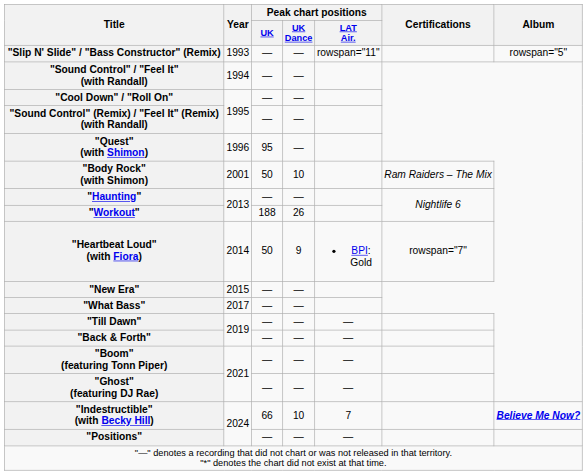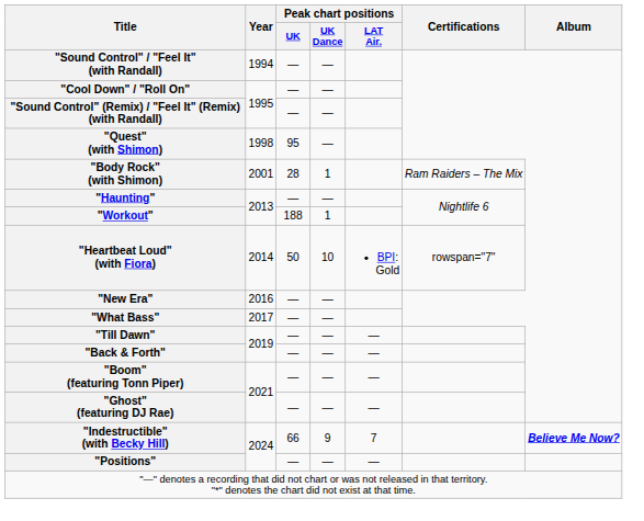 <table class="wikitable plainrowheaders" style="text-align:center;">
 <tr>
 <th scope="col" rowspan="2" style="width:21em;">Title</th>
 <th scope="col" rowspan="2">Year</th>
 <th scope="col" colspan="3">Peak chart positions</th>
 <th scope="col" rowspan="2">Certifications</th>
 <th scope="col" rowspan="2">Album</th>
 </tr>
 <tr>
 <th scope="col" style="width:2.9em;font-size:90%;"><a href='#'>UK</a><br></th>
 <th scope="col" style="width:2.9em;font-size:90%;"><a href='#'>UK<br>Dance</a><br></th>
 <th scope="col" style="width:2.9em;font-size:90%;"><a href='#'>LAT<br>Air.</a><br></th>
-</tr>
-<tr>
-<th scope="row">"Slip N' Slide" / "Bass Constructor" (Remix)</th>
-<td>1993</td>
-<td>—</td>
-<td>—</td>
-<td>rowspan="11" </td>
-<td></td>
-<td>rowspan="5" </td>
 </tr>
 <tr>
 <th scope="row">"Sound Control" / "Feel It"<br><span>(with Randall)</span></th>
 <td>1994</td>
 <td>—</td>
 <td>—</td>
 <td></td>
 </tr>
 <tr>
 <th scope="row">"Cool Down" / "Roll On"</th>
 <td rowspan="2">1995</td>
 <td>—</td>
 <td>—</td>
 <td></td>
 </tr>
 <tr>
 <th scope="row">"Sound Control" (Remix) / "Feel It" (Remix)<br><span>(with Randall)</span></th>
 <td>—</td>
 <td>—</td>
 <td></td>
 </tr>
 <tr>
 <th scope="row">"Quest"<br><span>(with <a href='#'>Shimon</a>)</span></th>
-<td>1996</td>
+<td>1998</td>
 <td>95</td>
 <td>—</td>
 <td></td>
 </tr>
 <tr>
 <th scope="row">"Body Rock"<br><span>(with Shimon)</span></th>
 <td>2001</td>
-<td>50</td>
-<td>10</td>
+<td>28</td>
+<td>1</td>
 <td></td>
 <td><em>Ram Raiders – The Mix</em></td>
 </tr>
 <tr>
 <th scope="row">"<a href='#'>Haunting</a>"</th>
 <td rowspan="2">2013</td>
 <td>—</td>
 <td>—</td>
 <td></td>
 <td rowspan="2"><em>Nightlife 6</em></td>
 </tr>
 <tr>
 <th scope="row">"<a href='#'>Workout</a>"</th>
 <td>188</td>
-<td>26</td>
+<td>1</td>
 <td></td>
 </tr>
 <tr>
 <th scope="row">"Heartbeat Loud"<br><span>(with <a href='#'>Fiora</a>)</span></th>
 <td>2014</td>
 <td>50</td>
-<td>9</td>
+<td>10</td>
 <td><br><ul><li><a href='#'>BPI</a>: Gold</li></ul></td>
 <td>rowspan="7" </td>
 </tr>
 <tr>
 <th scope="row">"New Era"</th>
-<td>2015</td>
+<td>2016</td>
 <td>—</td>
 <td>—</td>
 <td></td>
 </tr>
 <tr>
 <th scope="row">"What Bass"</th>
 <td>2017</td>
 <td>—</td>
 <td>—</td>
 <td></td>
 </tr>
 <tr>
 <th scope="row">"Till Dawn"</th>
 <td rowspan="2">2019</td>
 <td>—</td>
 <td>—</td>
 <td>—</td>
 <td></td>
 </tr>
 <tr>
 <th scope="row">"Back & Forth"</th>
 <td>—</td>
 <td>—</td>
 <td>—</td>
 <td></td>
 </tr>
 <tr>
 <th scope="row">"Boom"<br><span>(featuring Tonn Piper)</span></th>
 <td rowspan="2">2021</td>
 <td>—</td>
 <td>—</td>
 <td>—</td>
 <td></td>
 </tr>
 <tr>
 <th scope="row">"Ghost"<br><span>(featuring DJ Rae)</span></th>
 <td>—</td>
 <td>—</td>
 <td>—</td>
 <td></td>
 </tr>
 <tr>
 <th scope="row">"Indestructible"<br><span>(with <a href='#'>Becky Hill</a>)</span></th>
 <td rowspan="2">2024</td>
 <td>66</td>
-<td>10</td>
+<td>9</td>
 <td>7</td>
 <td></td>
 <td><strong><em><a href='#'>Believe Me Now?</a></em></strong></td>
 </tr>
 <tr>
 <th scope="row">"Positions"</th>
 <td>—</td>
 <td>—</td>
 <td>—</td>
 <td></td>
 <td></td>
 </tr>
 <tr>
 <td colspan="7" style="font-size:90%">"—" denotes a recording that did not chart or was not released in that territory.<br>"*" denotes the chart did not exist at that time.</td>
 </tr>
 </table>
